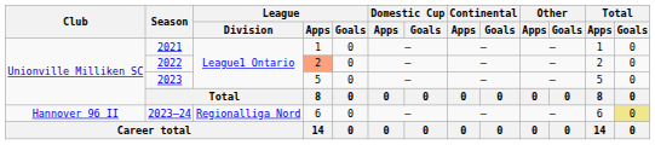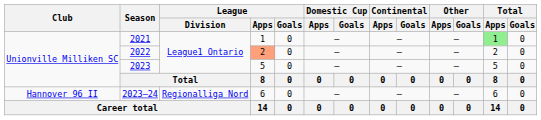 <table class="wikitable" style="text-align: center">
 <tr>
 <th rowspan="2">Club</th>
 <th rowspan="2">Season</th>
 <th colspan="3">League</th>
 <th colspan="2">Domestic Cup</th>
 <th colspan="2">Continental</th>
 <th colspan="2">Other</th>
 <th colspan="2">Total</th>
 </tr>
 <tr>
 <th>Division</th>
 <th>Apps</th>
 <th>Goals</th>
 <th>Apps</th>
 <th>Goals</th>
 <th>Apps</th>
 <th>Goals</th>
 <th>Apps</th>
 <th>Goals</th>
 <th>Apps</th>
 <th>Goals</th>
 </tr>
 <tr>
 <td rowspan=4><a href='#'>Unionville Milliken SC</a></td>
 <td><a href='#'>2021</a></td>
 <td rowspan=3><a href='#'>League1 Ontario</a></td>
 <td>1</td>
 <td>0</td>
 <td colspan="2">–</td>
 <td colspan="2">–</td>
 <td colspan="2">–</td>
-<td>1</td>
+<td style="background: lightgreen;">1</td>
 <td>0</td>
 </tr>
 <tr>
 <td><a href='#'>2022</a></td>
 <td style="background: lightsalmon;">2</td>
 <td>0</td>
 <td colspan="2">–</td>
 <td colspan="2">–</td>
 <td colspan="2">–</td>
 <td>2</td>
 <td>0</td>
 </tr>
 <tr>
 <td><a href='#'>2023</a></td>
 <td>5</td>
 <td>0</td>
 <td colspan="2">–</td>
 <td colspan="2">–</td>
 <td colspan="2">–</td>
 <td>5</td>
 <td>0</td>
 </tr>
 <tr>
 <th colspan="2">Total</th>
 <th>8</th>
 <th>0</th>
 <th>0</th>
 <th>0</th>
 <th>0</th>
 <th>0</th>
 <th>0</th>
 <th>0</th>
 <th>8</th>
 <th>0</th>
 </tr>
 <tr>
 <td><a href='#'>Hannover 96 II</a></td>
 <td><a href='#'>2023–24</a></td>
 <td><a href='#'>Regionalliga Nord</a></td>
 <td>6</td>
 <td>0</td>
 <td colspan="2">–</td>
 <td colspan="2">–</td>
 <td colspan="2">–</td>
 <td>6</td>
-<td style="background: khaki;">0</td>
+<td>0</td>
 </tr>
 <tr>
 <th colspan="3"><strong>Career total</strong></th>
 <th>14</th>
 <th>0</th>
 <th>0</th>
 <th>0</th>
 <th>0</th>
 <th>0</th>
 <th>0</th>
 <th>0</th>
 <th>14</th>
 <th>0</th>
 </tr>
 </table>
